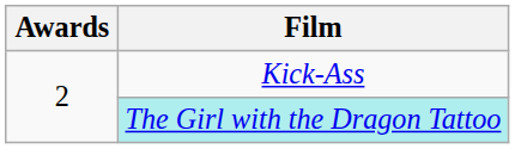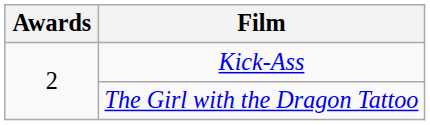 <table class="wikitable" style="text-align: center">
 <tr>
 <th scope="col" width="55">Awards</th>
 <th scope="col">Film</th>
 </tr>
 <tr>
 <td rowspan=2>2</td>
 <td><em><a href='#'>Kick-Ass</a></em></td>
 </tr>
 <tr>
-<td style="background: paleturquoise;"><em><a href='#'>The Girl with the Dragon Tattoo</a></em></td>
+<td><em><a href='#'>The Girl with the Dragon Tattoo</a></em></td>
 </tr>
 </table>
